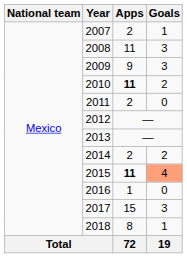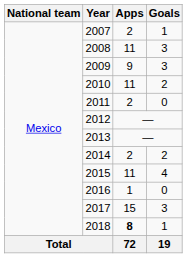 <table class="wikitable" style="text-align:center">
 <tr>
 <th>National team</th>
 <th>Year</th>
 <th>Apps</th>
 <th>Goals</th>
 </tr>
 <tr>
 <td rowspan="12"><a href='#'>Mexico</a></td>
 <td>2007</td>
 <td>2</td>
 <td>1</td>
 </tr>
 <tr>
 <td>2008</td>
 <td>11</td>
 <td>3</td>
 </tr>
 <tr>
 <td>2009</td>
 <td>9</td>
 <td>3</td>
 </tr>
 <tr>
 <td>2010</td>
-<td><strong>11</strong></td>
+<td>11</td>
 <td>2</td>
 </tr>
 <tr>
 <td>2011</td>
 <td>2</td>
 <td>0</td>
 </tr>
 <tr>
 <td>2012</td>
 <td colspan=2>—</td>
 </tr>
 <tr>
 <td>2013</td>
 <td colspan=2>—</td>
 </tr>
 <tr>
 <td>2014</td>
 <td>2</td>
 <td>2</td>
 </tr>
 <tr>
 <td>2015</td>
-<td><strong>11</strong></td>
-<td style="background: lightsalmon;">4</td>
+<td>11</td>
+<td>4</td>
 </tr>
 <tr>
 <td>2016</td>
 <td>1</td>
 <td>0</td>
 </tr>
 <tr>
 <td>2017</td>
 <td>15</td>
 <td>3</td>
 </tr>
 <tr>
 <td>2018</td>
-<td>8</td>
+<td><strong>8</strong></td>
 <td>1</td>
 </tr>
 <tr>
 <th colspan="2">Total</th>
 <th>72</th>
 <th>19</th>
 </tr>
 </table>
